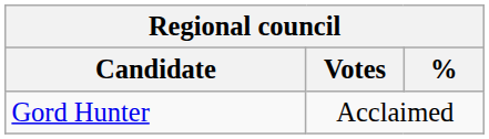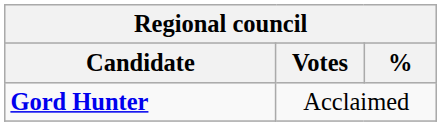 <table class="wikitable">
 <tr>
 <th colspan=3>Regional council</th>
 </tr>
 <tr>
 <th style="width: 170px">Candidate</th>
 <th style="width: 50px">Votes</th>
 <th style="width: 40px">%</th>
 </tr>
 <tr>
-<td><a href='#'>Gord Hunter</a></td>
+<td><strong><a href='#'>Gord Hunter</a></strong></td>
 <td colspan=2 align="center">Acclaimed</td>
 </tr>
 </table>
